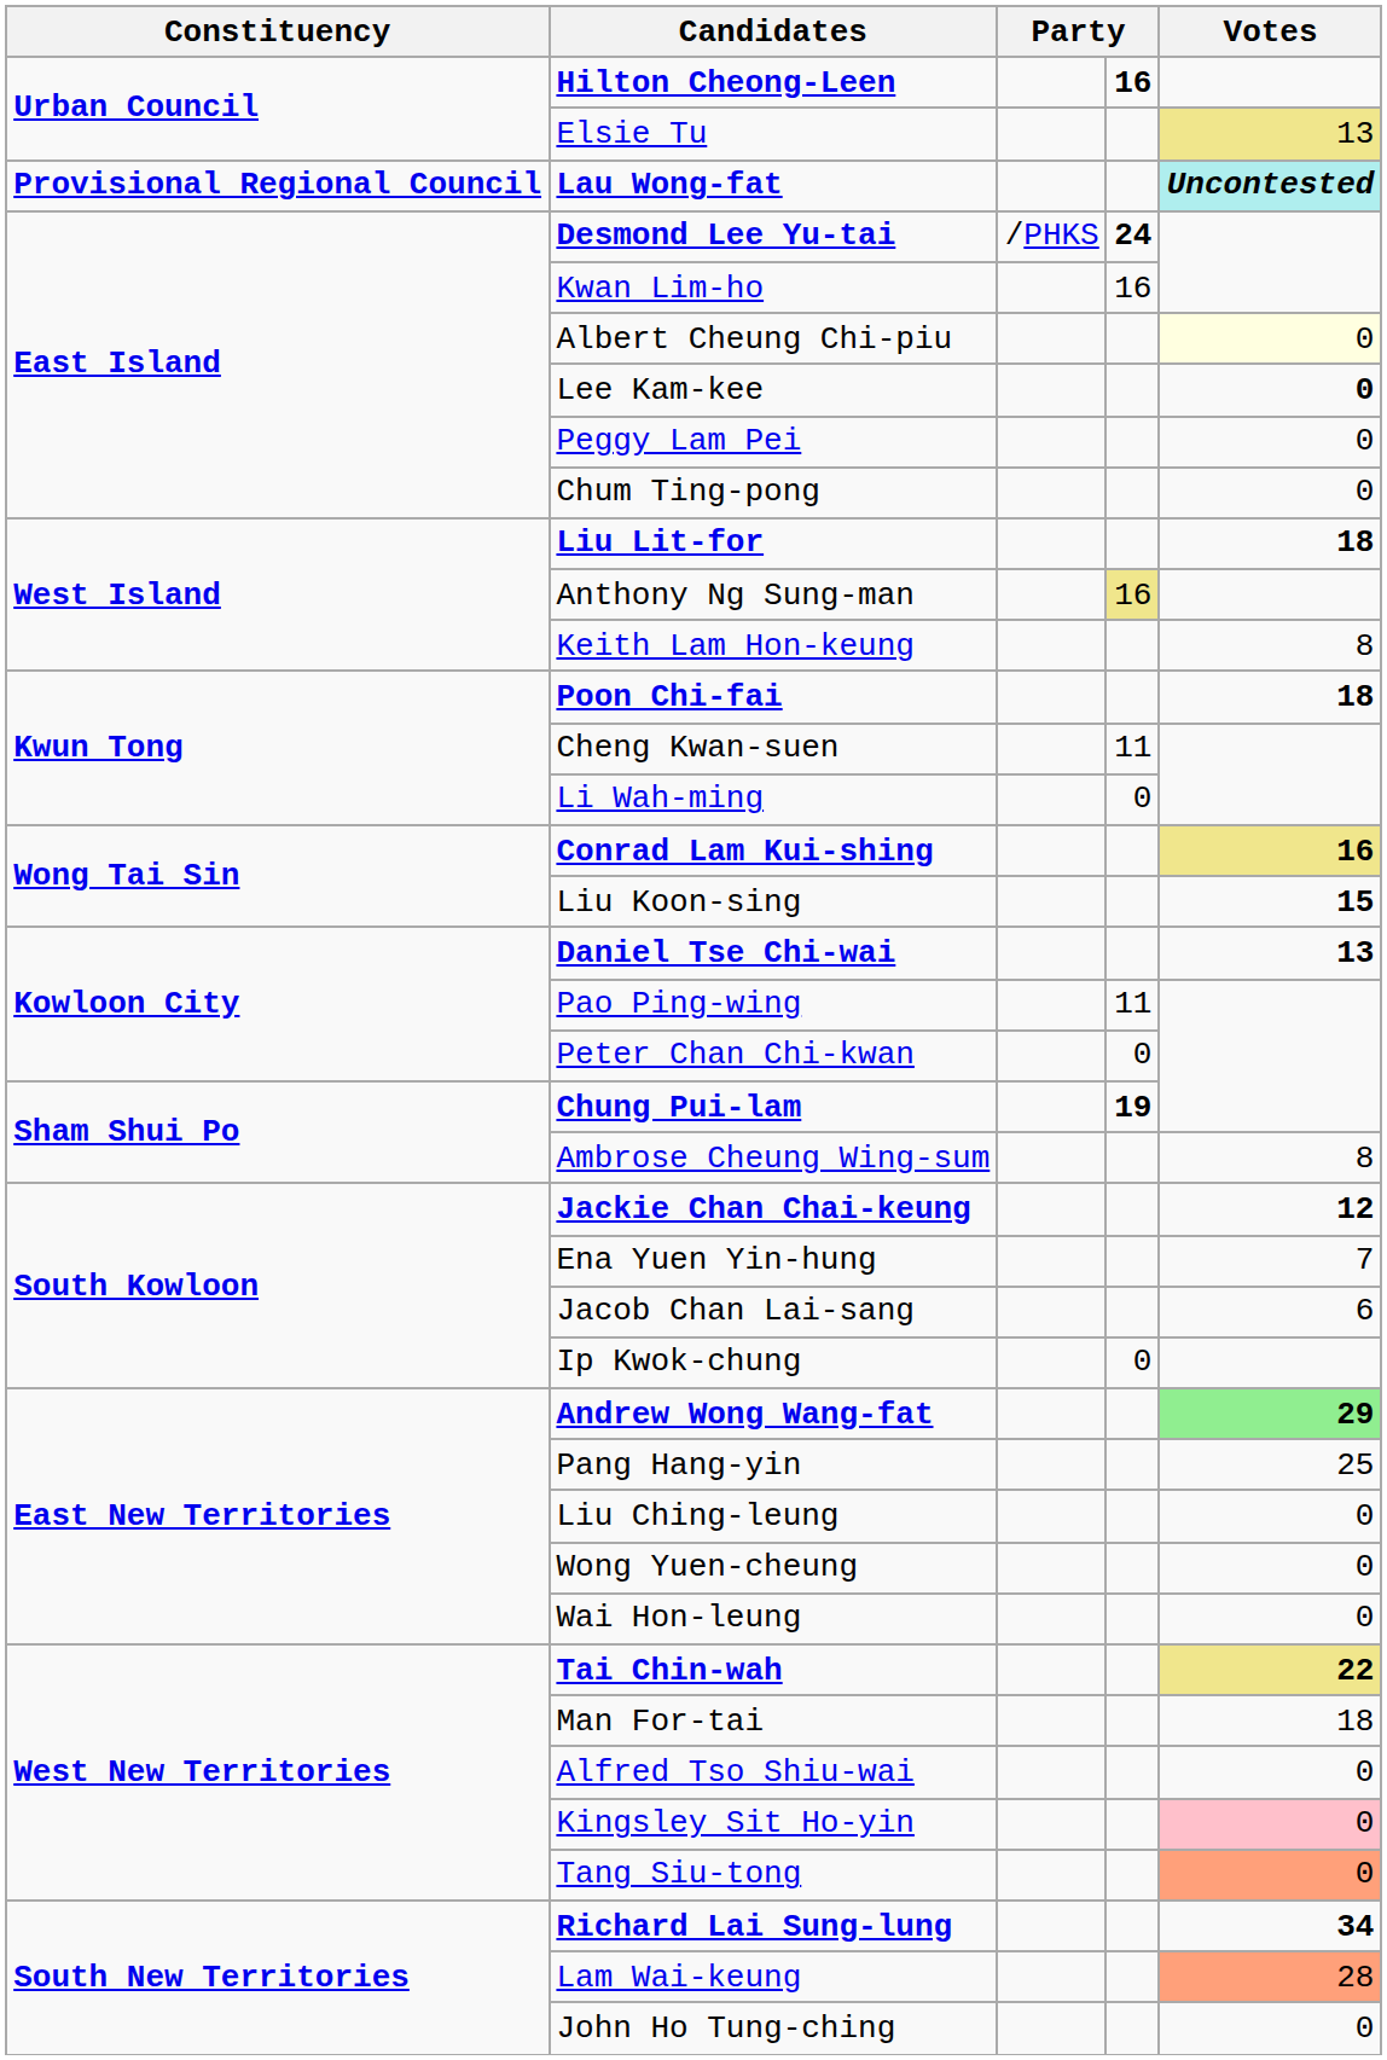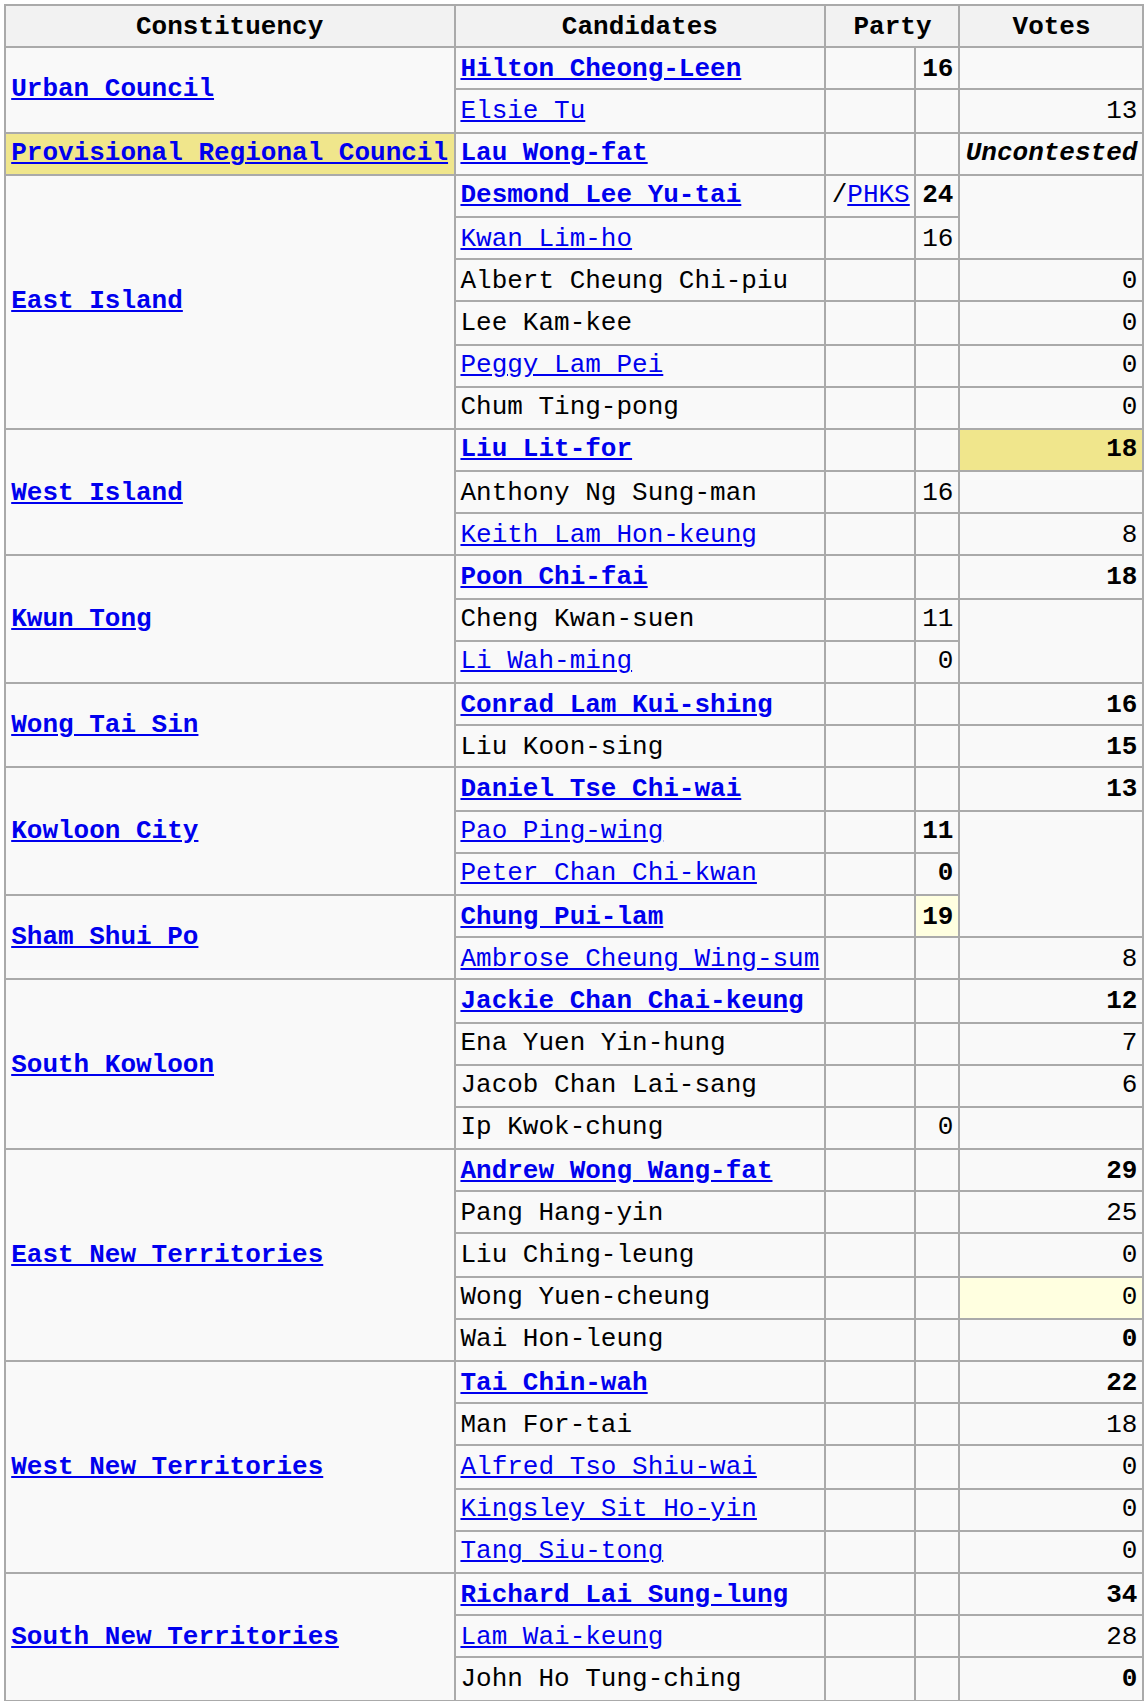 <table class="wikitable">
 <tr>
 <th>Constituency</th>
 <th>Candidates</th>
 <th colspan="2">Party</th>
 <th>Votes</th>
 </tr>
 <tr>
 <td rowspan="2"><strong><a href='#'>Urban Council</a></strong></td>
 <td><strong><a href='#'>Hilton Cheong-Leen</a></strong></td>
 <td></td>
 <td align=right><strong>16</strong></td>
 </tr>
 <tr>
 <td><a href='#'>Elsie Tu</a></td>
 <td></td>
 <td></td>
-<td align=right style="background: khaki;">13</td>
+<td align=right>13</td>
 </tr>
 <tr>
-<td><strong><a href='#'>Provisional Regional Council</a></strong></td>
+<td style="background: khaki;"><strong><a href='#'>Provisional Regional Council</a></strong></td>
 <td><strong><a href='#'>Lau Wong-fat</a></strong></td>
 <td></td>
 <td></td>
-<td style="background: paleturquoise;"><strong><em>Uncontested</em></strong></td>
+<td><strong><em>Uncontested</em></strong></td>
 </tr>
 <tr>
 <td rowspan="6"><strong><a href='#'>East Island</a></strong></td>
 <td><strong><a href='#'>Desmond Lee Yu-tai</a></strong></td>
 <td>/<a href='#'>PHKS</a></td>
 <td align=right><strong>24</strong></td>
 </tr>
 <tr>
 <td><a href='#'>Kwan Lim-ho</a></td>
 <td></td>
 <td align=right>16</td>
 </tr>
 <tr>
 <td>Albert Cheung Chi-piu</td>
 <td></td>
 <td></td>
-<td align=right style="background: lightyellow;">0</td>
+<td align=right>0</td>
 </tr>
 <tr>
 <td>Lee Kam-kee</td>
 <td></td>
 <td></td>
-<td align=right><strong>0</strong></td>
+<td align=right>0</td>
 </tr>
 <tr>
 <td><a href='#'>Peggy Lam Pei</a></td>
 <td></td>
 <td></td>
 <td align=right>0</td>
 </tr>
 <tr>
 <td>Chum Ting-pong</td>
 <td></td>
 <td></td>
 <td align=right>0</td>
 </tr>
 <tr>
 <td rowspan="3"><strong><a href='#'>West Island</a></strong></td>
 <td><strong><a href='#'>Liu Lit-for</a></strong></td>
 <td></td>
 <td></td>
-<td align=right><strong>18</strong></td>
+<td align=right style="background: khaki;"><strong>18</strong></td>
 </tr>
 <tr>
 <td>Anthony Ng Sung-man</td>
 <td></td>
-<td align=right style="background: khaki;">16</td>
+<td align=right>16</td>
 </tr>
 <tr>
 <td><a href='#'>Keith Lam Hon-keung</a></td>
 <td></td>
 <td></td>
 <td align=right>8</td>
 </tr>
 <tr>
 <td rowspan="3"><strong><a href='#'>Kwun Tong</a></strong></td>
 <td><strong><a href='#'>Poon Chi-fai</a></strong></td>
 <td></td>
 <td></td>
 <td align=right><strong>18</strong></td>
 </tr>
 <tr>
 <td>Cheng Kwan-suen</td>
 <td></td>
 <td align=right>11</td>
 </tr>
 <tr>
 <td><a href='#'>Li Wah-ming</a></td>
 <td></td>
 <td align=right>0</td>
 </tr>
 <tr>
 <td rowspan="2"><strong><a href='#'>Wong Tai Sin</a></strong></td>
 <td><strong><a href='#'>Conrad Lam Kui-shing</a></strong></td>
 <td></td>
 <td></td>
-<td align=right style="background: khaki;"><strong>16</strong></td>
+<td align=right><strong>16</strong></td>
 </tr>
 <tr>
 <td>Liu Koon-sing</td>
 <td></td>
 <td></td>
 <td align=right><strong>15</strong></td>
 </tr>
 <tr>
 <td rowspan="3"><strong><a href='#'>Kowloon City</a></strong></td>
 <td><strong><a href='#'>Daniel Tse Chi-wai</a></strong></td>
 <td></td>
 <td></td>
 <td align=right><strong>13</strong></td>
 </tr>
 <tr>
 <td><a href='#'>Pao Ping-wing</a></td>
 <td></td>
-<td align=right>11</td>
+<td align=right><strong>11</strong></td>
 </tr>
 <tr>
 <td><a href='#'>Peter Chan Chi-kwan</a></td>
 <td></td>
-<td align=right>0</td>
+<td align=right><strong>0</strong></td>
 </tr>
 <tr>
 <td rowspan="2"><strong><a href='#'>Sham Shui Po</a></strong></td>
 <td><strong><a href='#'>Chung Pui-lam</a></strong></td>
 <td></td>
-<td align=right><strong>19</strong></td>
+<td align=right style="background: lightyellow;"><strong>19</strong></td>
 </tr>
 <tr>
 <td><a href='#'>Ambrose Cheung Wing-sum</a></td>
 <td></td>
 <td></td>
 <td align=right>8</td>
 </tr>
 <tr>
 <td rowspan="4"><strong><a href='#'>South Kowloon</a></strong></td>
 <td><strong><a href='#'>Jackie Chan Chai-keung</a></strong></td>
 <td></td>
 <td></td>
 <td align=right><strong>12</strong></td>
 </tr>
 <tr>
 <td>Ena Yuen Yin-hung</td>
 <td></td>
 <td></td>
 <td align=right>7</td>
 </tr>
 <tr>
 <td>Jacob Chan Lai-sang</td>
 <td></td>
 <td></td>
 <td align=right>6</td>
 </tr>
 <tr>
 <td>Ip Kwok-chung</td>
 <td></td>
 <td align=right>0</td>
 </tr>
 <tr>
 <td rowspan="5"><strong><a href='#'>East New Territories</a></strong></td>
 <td><strong><a href='#'>Andrew Wong Wang-fat</a></strong></td>
 <td></td>
 <td></td>
-<td align=right style="background: lightgreen;"><strong>29</strong></td>
+<td align=right><strong>29</strong></td>
 </tr>
 <tr>
 <td>Pang Hang-yin</td>
 <td></td>
 <td></td>
 <td align=right>25</td>
 </tr>
 <tr>
 <td>Liu Ching-leung</td>
 <td></td>
 <td></td>
 <td align=right>0</td>
 </tr>
 <tr>
 <td>Wong Yuen-cheung</td>
 <td></td>
 <td></td>
-<td align=right>0</td>
+<td align=right style="background: lightyellow;">0</td>
 </tr>
 <tr>
 <td>Wai Hon-leung</td>
 <td></td>
 <td></td>
-<td align=right>0</td>
+<td align=right><strong>0</strong></td>
 </tr>
 <tr>
 <td rowspan="5"><strong><a href='#'>West New Territories</a></strong></td>
 <td><strong><a href='#'>Tai Chin-wah</a></strong></td>
 <td></td>
 <td></td>
-<td align=right style="background: khaki;"><strong>22</strong></td>
+<td align=right><strong>22</strong></td>
 </tr>
 <tr>
 <td>Man For-tai</td>
 <td></td>
 <td></td>
 <td align=right>18</td>
 </tr>
 <tr>
 <td><a href='#'>Alfred Tso Shiu-wai</a></td>
 <td></td>
 <td></td>
 <td align=right>0</td>
 </tr>
 <tr>
 <td><a href='#'>Kingsley Sit Ho-yin</a></td>
 <td></td>
 <td></td>
-<td align=right style="background: pink;">0</td>
+<td align=right>0</td>
 </tr>
 <tr>
 <td><a href='#'>Tang Siu-tong</a></td>
 <td></td>
 <td></td>
-<td align=right style="background: lightsalmon;">0</td>
+<td align=right>0</td>
 </tr>
 <tr>
 <td rowspan="4"><strong><a href='#'>South New Territories</a></strong></td>
 <td><strong><a href='#'>Richard Lai Sung-lung</a></strong></td>
 <td></td>
 <td></td>
 <td align=right><strong>34</strong></td>
 </tr>
 <tr>
 <td><a href='#'>Lam Wai-keung</a></td>
 <td></td>
 <td></td>
-<td align=right style="background: lightsalmon;">28</td>
+<td align=right>28</td>
 </tr>
 <tr>
 <td>John Ho Tung-ching</td>
 <td></td>
 <td></td>
-<td align=right>0</td>
+<td align=right><strong>0</strong></td>
 </tr>
 <tr>
 </tr>
 </table>
